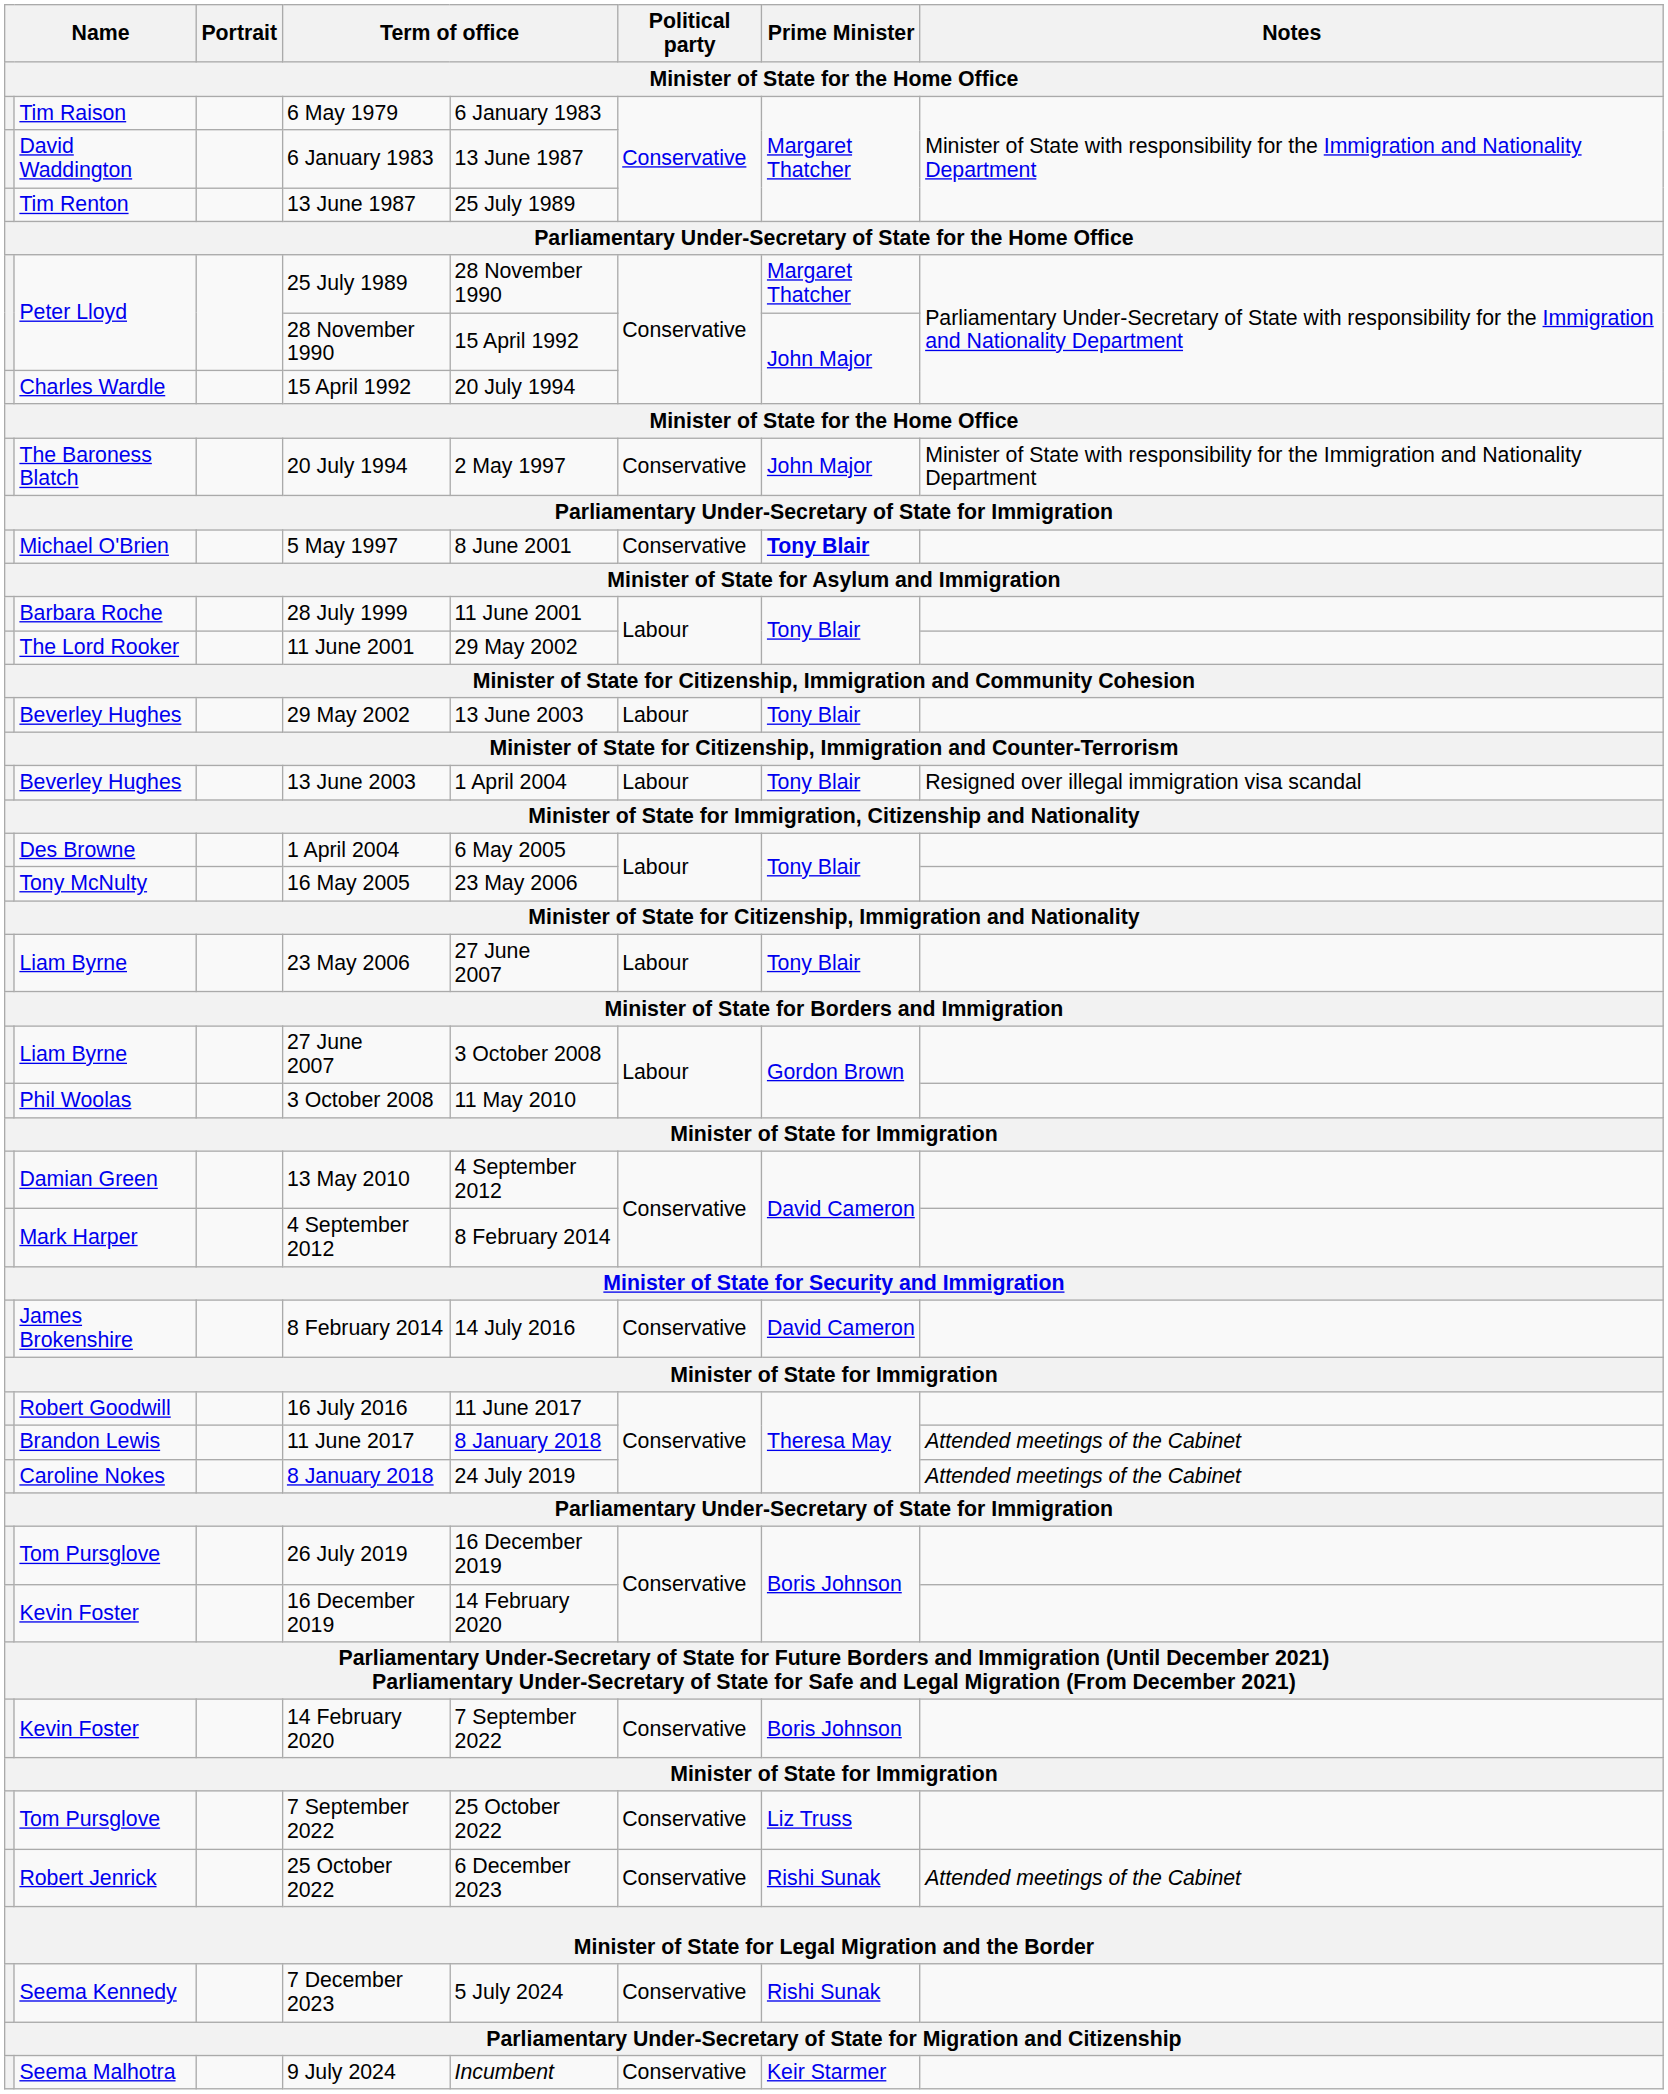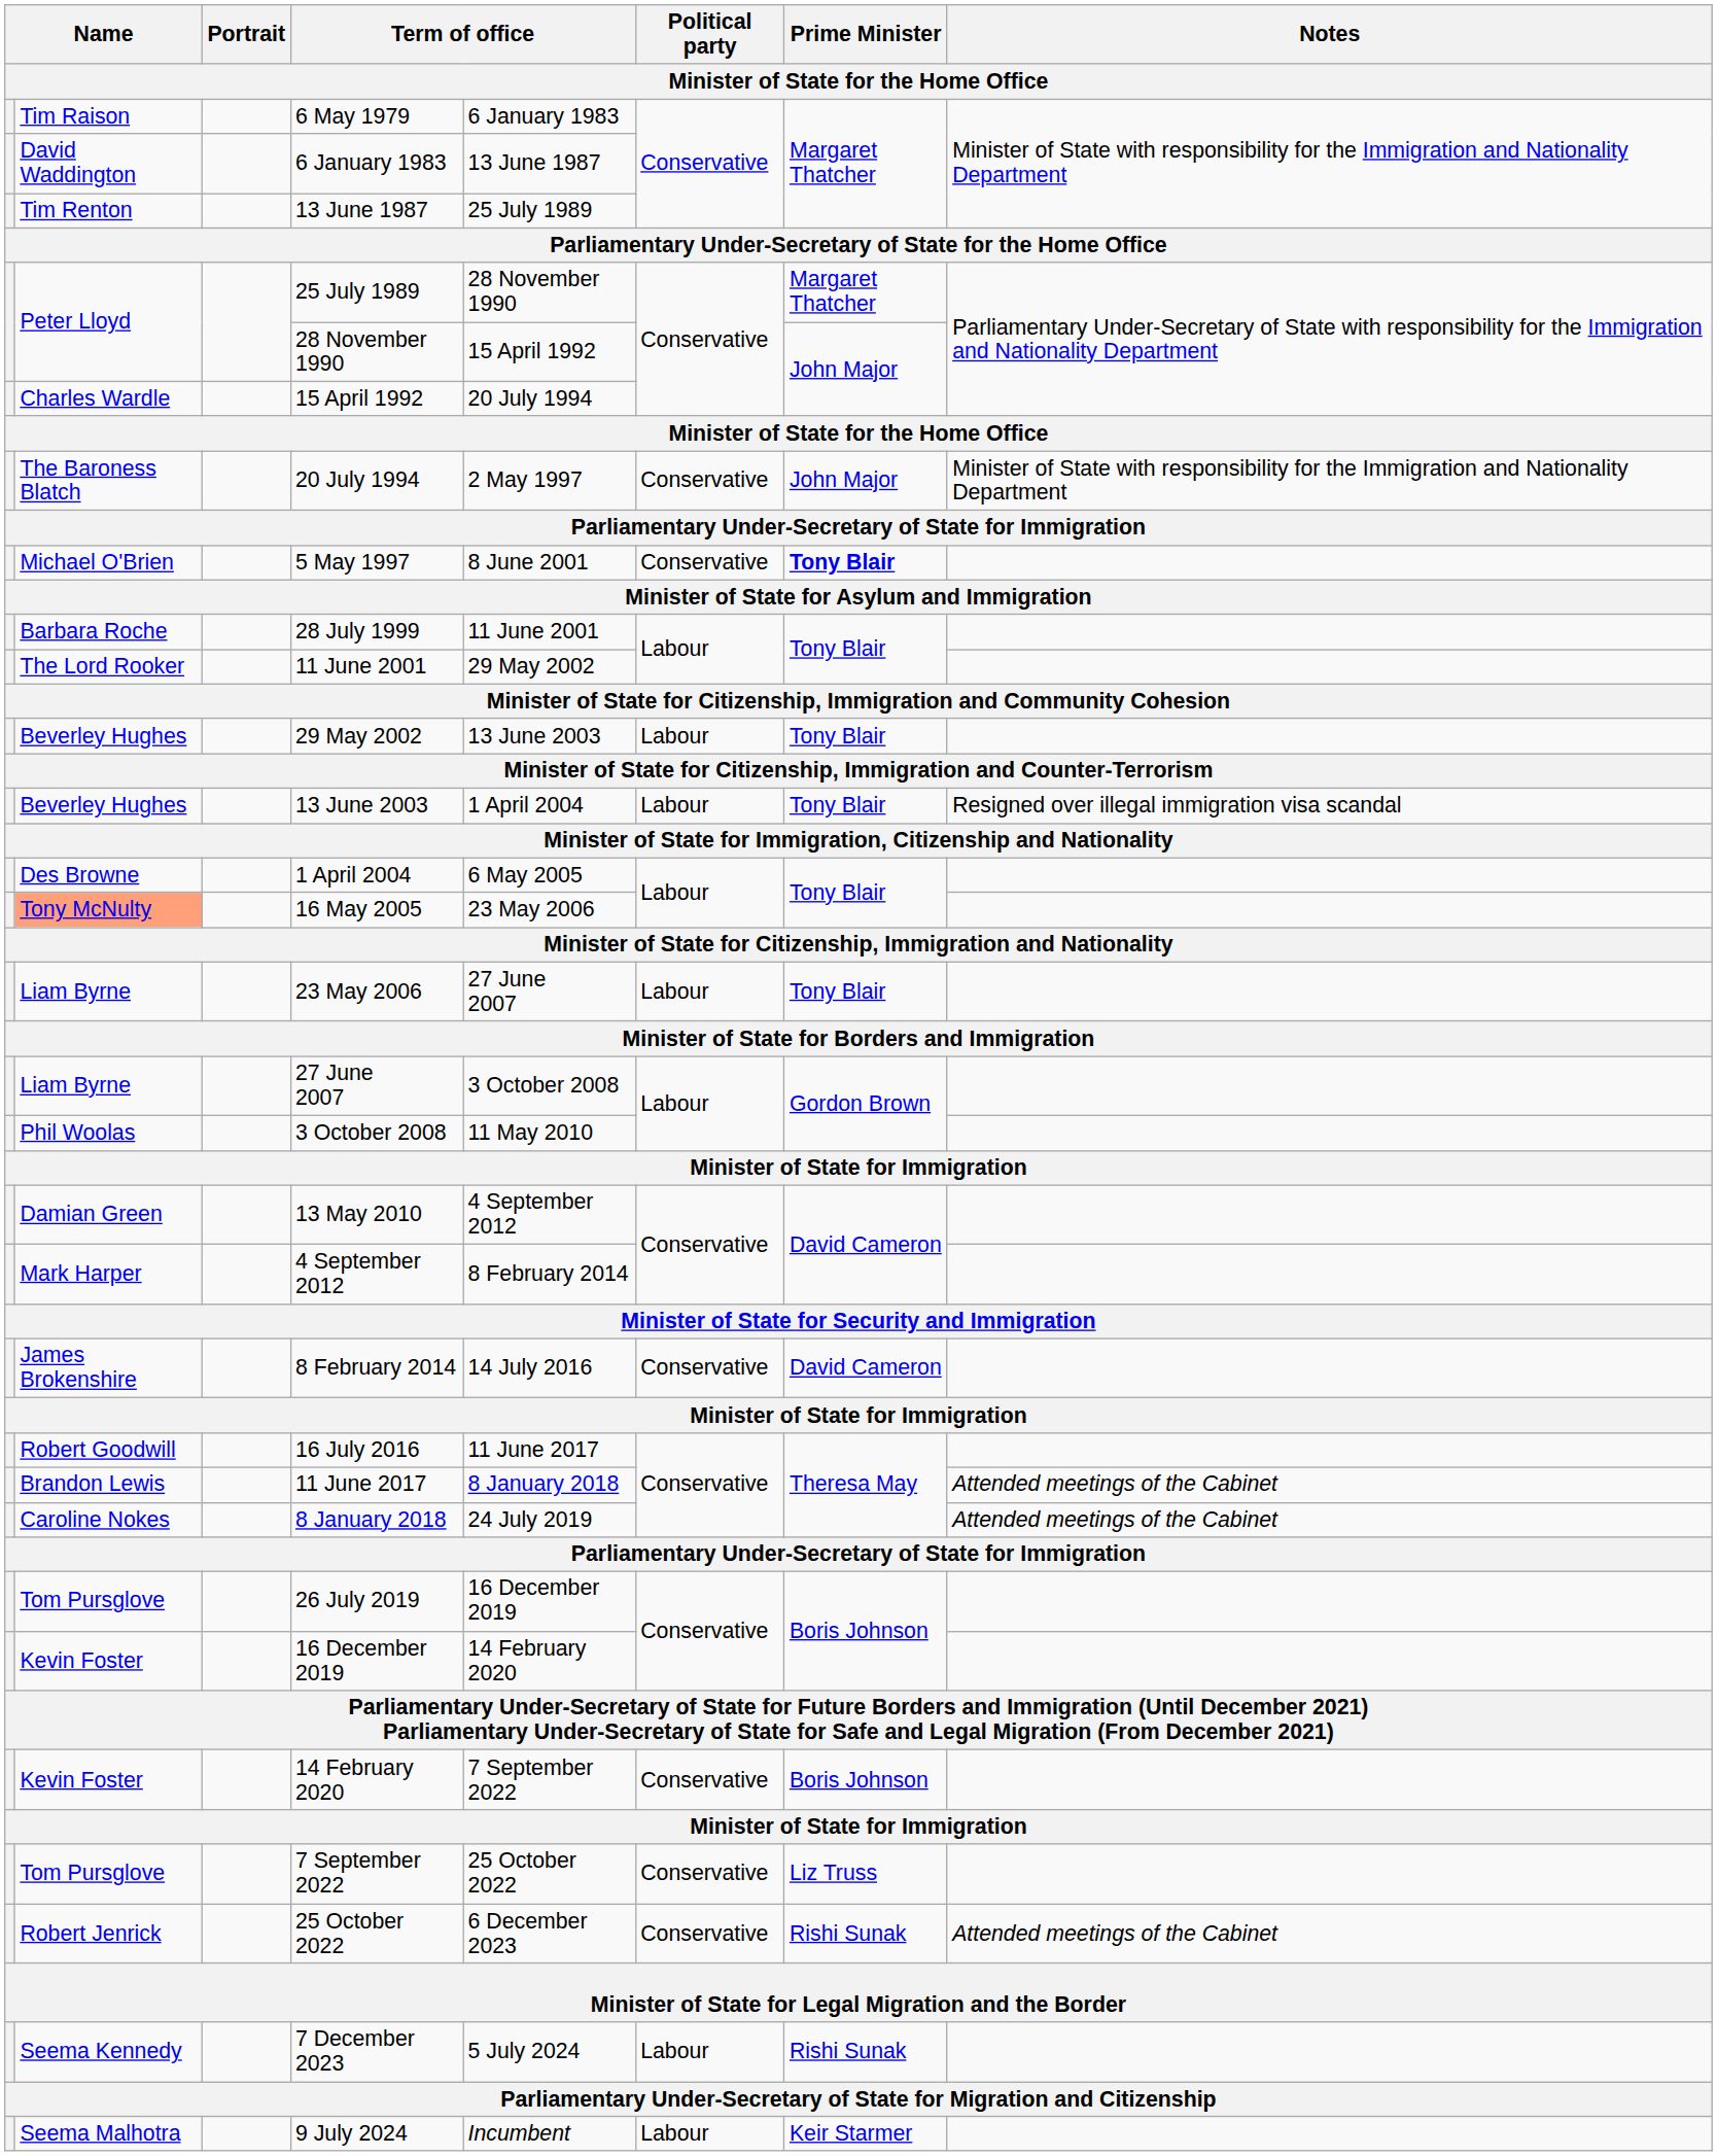 <table class="wikitable">
 <tr>
 <th colspan=2>Name</th>
 <th>Portrait</th>
 <th colspan=2>Term of office</th>
 <th>Political party</th>
 <th>Prime Minister</th>
 <th>Notes</th>
 </tr>
 <tr>
 <th colspan="8">Minister of State for the Home Office</th>
 </tr>
 <tr>
 <th style="background-color: "></th>
 <td><a href='#'>Tim Raison</a></td>
 <td></td>
 <td>6 May 1979</td>
 <td>6 January 1983</td>
 <td rowspan="3"><a href='#'>Conservative</a></td>
 <td rowspan="3"><a href='#'>Margaret Thatcher</a></td>
 <td rowspan="3">Minister of State with responsibility for the <a href='#'>Immigration and Nationality Department</a></td>
 </tr>
 <tr>
 <th style="background-color: "></th>
 <td><a href='#'>David Waddington</a></td>
 <td></td>
 <td>6 January 1983</td>
 <td>13 June 1987</td>
 </tr>
 <tr>
 <th style="background-color: "></th>
 <td><a href='#'>Tim Renton</a></td>
 <td></td>
 <td>13 June 1987</td>
 <td>25 July 1989</td>
 </tr>
 <tr>
 <th colspan="8">Parliamentary Under-Secretary of State for the Home Office</th>
 </tr>
 <tr>
 <th rowspan="2" style="background-color: "></th>
 <td rowspan="2"><a href='#'>Peter Lloyd</a></td>
 <td rowspan="2"></td>
 <td>25 July 1989</td>
 <td>28 November 1990</td>
 <td rowspan="3">Conservative</td>
 <td><a href='#'>Margaret Thatcher</a></td>
 <td rowspan="3">Parliamentary Under-Secretary of State with responsibility for the <a href='#'>Immigration and Nationality Department</a></td>
 </tr>
 <tr>
 <td>28 November 1990</td>
 <td>15 April 1992</td>
 <td rowspan="2"><a href='#'>John Major</a></td>
 </tr>
 <tr>
 <th style="background-color: "></th>
 <td><a href='#'>Charles Wardle</a></td>
 <td></td>
 <td>15 April 1992</td>
 <td>20 July 1994</td>
 </tr>
 <tr>
 <th colspan="8">Minister of State for the Home Office</th>
 </tr>
 <tr>
 <th style="background-color: "></th>
 <td><a href='#'>The Baroness Blatch</a></td>
 <td></td>
 <td>20 July 1994</td>
 <td>2 May 1997</td>
 <td>Conservative</td>
 <td><a href='#'>John Major</a></td>
 <td>Minister of State with responsibility for the Immigration and Nationality Department</td>
 </tr>
 <tr>
 <th colspan="8">Parliamentary Under-Secretary of State for Immigration</th>
 </tr>
 <tr>
 <th style="background-color: "></th>
 <td><a href='#'>Michael O'Brien</a></td>
 <td></td>
 <td>5 May 1997</td>
 <td>8 June 2001</td>
 <td>Conservative</td>
 <td><strong><a href='#'>Tony Blair</a></strong></td>
 <td></td>
 </tr>
 <tr>
 <th colspan="8">Minister of State for Asylum and Immigration</th>
 </tr>
 <tr>
 <th style="background-color: "></th>
 <td><a href='#'>Barbara Roche</a></td>
 <td></td>
 <td>28 July 1999</td>
 <td>11 June 2001</td>
 <td rowspan="2">Labour</td>
 <td rowspan="2"><a href='#'>Tony Blair</a></td>
 <td></td>
 </tr>
 <tr>
 <th style="background-color: "></th>
 <td><a href='#'>The Lord Rooker</a></td>
 <td></td>
 <td>11 June 2001</td>
 <td>29 May 2002</td>
 <td></td>
 </tr>
 <tr>
 <th colspan="8">Minister of State for Citizenship, Immigration and Community Cohesion</th>
 </tr>
 <tr>
 <th style="background-color: "></th>
 <td><a href='#'>Beverley Hughes</a></td>
 <td></td>
 <td>29 May 2002</td>
 <td>13 June 2003</td>
 <td>Labour</td>
 <td><a href='#'>Tony Blair</a></td>
 <td></td>
 </tr>
 <tr>
 <th colspan="8">Minister of State for Citizenship, Immigration and Counter-Terrorism</th>
 </tr>
 <tr>
 <th style="background-color: "></th>
 <td><a href='#'>Beverley Hughes</a></td>
 <td></td>
 <td>13 June 2003</td>
 <td>1 April 2004</td>
 <td>Labour</td>
 <td><a href='#'>Tony Blair</a></td>
 <td>Resigned over illegal immigration visa scandal</td>
 </tr>
 <tr>
 <th colspan="8">Minister of State for Immigration, Citizenship and Nationality</th>
 </tr>
 <tr>
 <th style="background-color: "></th>
 <td><a href='#'>Des Browne</a></td>
 <td></td>
 <td>1 April 2004</td>
 <td>6 May 2005</td>
 <td rowspan="2">Labour</td>
 <td rowspan="2"><a href='#'>Tony Blair</a></td>
 <td></td>
 </tr>
 <tr>
 <th style="background-color: "></th>
-<td><a href='#'>Tony McNulty</a></td>
+<td style="background: lightsalmon;"><a href='#'>Tony McNulty</a></td>
 <td></td>
 <td>16 May 2005</td>
 <td>23 May 2006</td>
 <td></td>
 </tr>
 <tr>
 <th colspan="8">Minister of State for Citizenship, Immigration and Nationality</th>
 </tr>
 <tr>
 <th style="background-color: "></th>
 <td><a href='#'>Liam Byrne</a></td>
 <td></td>
 <td>23 May 2006</td>
 <td>27 June<br>2007</td>
 <td>Labour</td>
 <td><a href='#'>Tony Blair</a></td>
 <td></td>
 </tr>
 <tr>
 <th colspan="8">Minister of State for Borders and Immigration</th>
 </tr>
 <tr>
 <th style="background-color: "></th>
 <td><a href='#'>Liam Byrne</a></td>
 <td></td>
 <td>27 June<br>2007</td>
 <td>3 October 2008</td>
 <td rowspan="2">Labour</td>
 <td rowspan="2"><a href='#'>Gordon Brown</a></td>
 <td></td>
 </tr>
 <tr>
 <th style="background-color: "></th>
 <td><a href='#'>Phil Woolas</a></td>
 <td></td>
 <td>3 October 2008</td>
 <td>11 May 2010</td>
 <td></td>
 </tr>
 <tr>
 <th colspan="8">Minister of State for Immigration</th>
 </tr>
 <tr>
 <th style="background-color: "></th>
 <td><a href='#'>Damian Green</a></td>
 <td></td>
 <td>13 May 2010</td>
 <td>4 September 2012</td>
 <td rowspan="2">Conservative</td>
 <td rowspan="2"><a href='#'>David Cameron</a></td>
 <td></td>
 </tr>
 <tr>
 <th style="background-color: "></th>
 <td><a href='#'>Mark Harper</a></td>
 <td></td>
 <td>4 September 2012</td>
 <td>8 February 2014</td>
 <td></td>
 </tr>
 <tr>
 <th colspan="8"><a href='#'>Minister of State for Security and Immigration</a></th>
 </tr>
 <tr>
 <th style="background-color: "></th>
 <td><a href='#'>James Brokenshire</a></td>
 <td></td>
 <td>8 February 2014</td>
 <td>14 July 2016</td>
 <td>Conservative</td>
 <td><a href='#'>David Cameron</a></td>
 <td></td>
 </tr>
 <tr>
 <th colspan="8">Minister of State for Immigration</th>
 </tr>
 <tr>
 <th style="background-color: "></th>
 <td><a href='#'>Robert Goodwill</a></td>
 <td></td>
 <td>16 July 2016</td>
 <td>11 June 2017</td>
 <td rowspan="3">Conservative</td>
 <td rowspan="3"><a href='#'>Theresa May</a></td>
 <td></td>
 </tr>
 <tr>
 <th style="background-color: "></th>
 <td><a href='#'>Brandon Lewis</a></td>
 <td></td>
 <td>11 June 2017</td>
 <td><a href='#'>8 January 2018</a></td>
 <td><em>Attended meetings of the Cabinet</em></td>
 </tr>
 <tr>
 <th style="background-color: "></th>
 <td><a href='#'>Caroline Nokes</a></td>
 <td></td>
 <td><a href='#'>8 January 2018</a></td>
 <td>24 July 2019</td>
 <td><em>Attended meetings of the Cabinet</em></td>
 </tr>
 <tr>
 <th colspan="8">Parliamentary Under-Secretary of State for Immigration</th>
 </tr>
 <tr>
 <th style="background-color: "></th>
 <td><a href='#'>Tom Pursglove</a></td>
 <td></td>
 <td>26 July 2019</td>
 <td>16 December 2019</td>
 <td rowspan="2">Conservative</td>
 <td rowspan="2"><a href='#'>Boris Johnson</a></td>
 <td></td>
 </tr>
 <tr>
 <th style="background-color: "></th>
 <td><a href='#'>Kevin Foster</a></td>
 <td></td>
 <td>16 December 2019</td>
 <td>14 February 2020</td>
 <td></td>
 </tr>
 <tr>
 <th colspan="8">Parliamentary Under-Secretary of State for Future Borders and Immigration (Until December 2021)<br>Parliamentary Under-Secretary of State for Safe and Legal Migration (From December 2021)</th>
 </tr>
 <tr>
 <th style="background-color: "></th>
 <td><a href='#'>Kevin Foster</a></td>
 <td></td>
 <td>14 February 2020</td>
 <td>7 September 2022</td>
 <td>Conservative</td>
 <td><a href='#'>Boris Johnson</a></td>
 <td></td>
 </tr>
 <tr>
 <th colspan="8">Minister of State for Immigration</th>
 </tr>
 <tr>
 <th style="background-color: "></th>
 <td><a href='#'>Tom Pursglove</a></td>
 <td></td>
 <td>7 September 2022</td>
 <td>25 October 2022</td>
 <td>Conservative</td>
 <td><a href='#'>Liz Truss</a></td>
 <td></td>
 </tr>
 <tr>
 <th style="background-color: "></th>
 <td><a href='#'>Robert Jenrick</a></td>
 <td></td>
 <td>25 October 2022</td>
 <td>6 December 2023</td>
 <td>Conservative</td>
 <td><a href='#'>Rishi Sunak</a></td>
 <td><em>Attended meetings of the Cabinet</em></td>
 </tr>
 <tr>
 <th colspan="8"><em></em><br>Minister of State for Legal Migration and the Border</th>
 </tr>
 <tr>
 <th style="background-color: "></th>
 <td><a href='#'>Seema Kennedy</a></td>
 <td></td>
 <td>7 December 2023</td>
 <td>5 July 2024</td>
-<td>Conservative</td>
+<td>Labour</td>
 <td><a href='#'>Rishi Sunak</a></td>
 <td></td>
 </tr>
 <tr>
 <th colspan="8">Parliamentary Under-Secretary of State for Migration and Citizenship</th>
 </tr>
 <tr>
 <th style="background-color: "></th>
 <td><a href='#'>Seema Malhotra</a></td>
 <td></td>
 <td>9 July 2024</td>
 <td><em>Incumbent</em></td>
-<td>Conservative</td>
+<td>Labour</td>
 <td><a href='#'>Keir Starmer</a></td>
 <td></td>
 </tr>
 </table>
